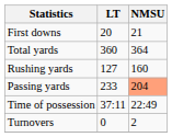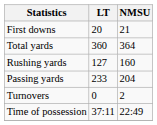 <table class="wikitable" style="float: left;">
 <tr>
 <th>Statistics</th>
 <th>LT</th>
 <th>NMSU</th>
 </tr>
 <tr>
 <td>First downs</td>
 <td>20</td>
 <td>21</td>
 </tr>
 <tr>
 <td>Total yards</td>
 <td>360</td>
 <td>364</td>
 </tr>
 <tr>
 <td>Rushing yards</td>
 <td>127</td>
 <td>160</td>
 </tr>
 <tr>
 <td>Passing yards</td>
 <td>233</td>
-<td style="background: lightsalmon;">204</td>
+<td>204</td>
+</tr>
+<tr>
+<td>Turnovers</td>
+<td>0</td>
+<td>2</td>
 </tr>
 <tr>
 <td>Time of possession</td>
 <td>37:11</td>
 <td>22:49</td>
 </tr>
 <tr>
-<td>Turnovers</td>
-<td>0</td>
-<td>2</td>
-</tr>
-<tr>
 </tr>
 </table>
